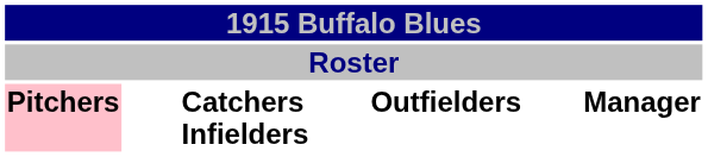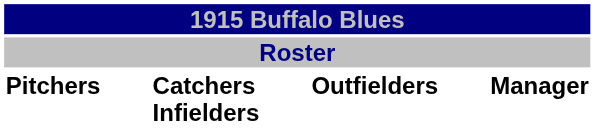 <table class="toccolours" style="font-size: 95%;">
 <tr>
 <th colspan="10" style="background-color: navy; color: #C0C0C0; text-align: center;">1915 Buffalo Blues</th>
 </tr>
 <tr>
 <td colspan="10" style="background-color:#C0C0C0; color: navy; text-align: center;"><strong>Roster</strong></td>
 </tr>
 <tr>
-<td valign="top" style="background: pink;"><strong>Pitchers</strong><br>          </td>
+<td valign="top"><strong>Pitchers</strong><br>          </td>
 <td width="25px"></td>
 <td valign="top"><strong>Catchers</strong><br>   <strong>Infielders</strong>       </td>
 <td width="25px"></td>
 <td valign="top"><strong>Outfielders</strong><br>      </td>
 <td width="25px"></td>
 <td valign="top"><strong>Manager</strong><br>  </td>
 </tr>
 </table>
